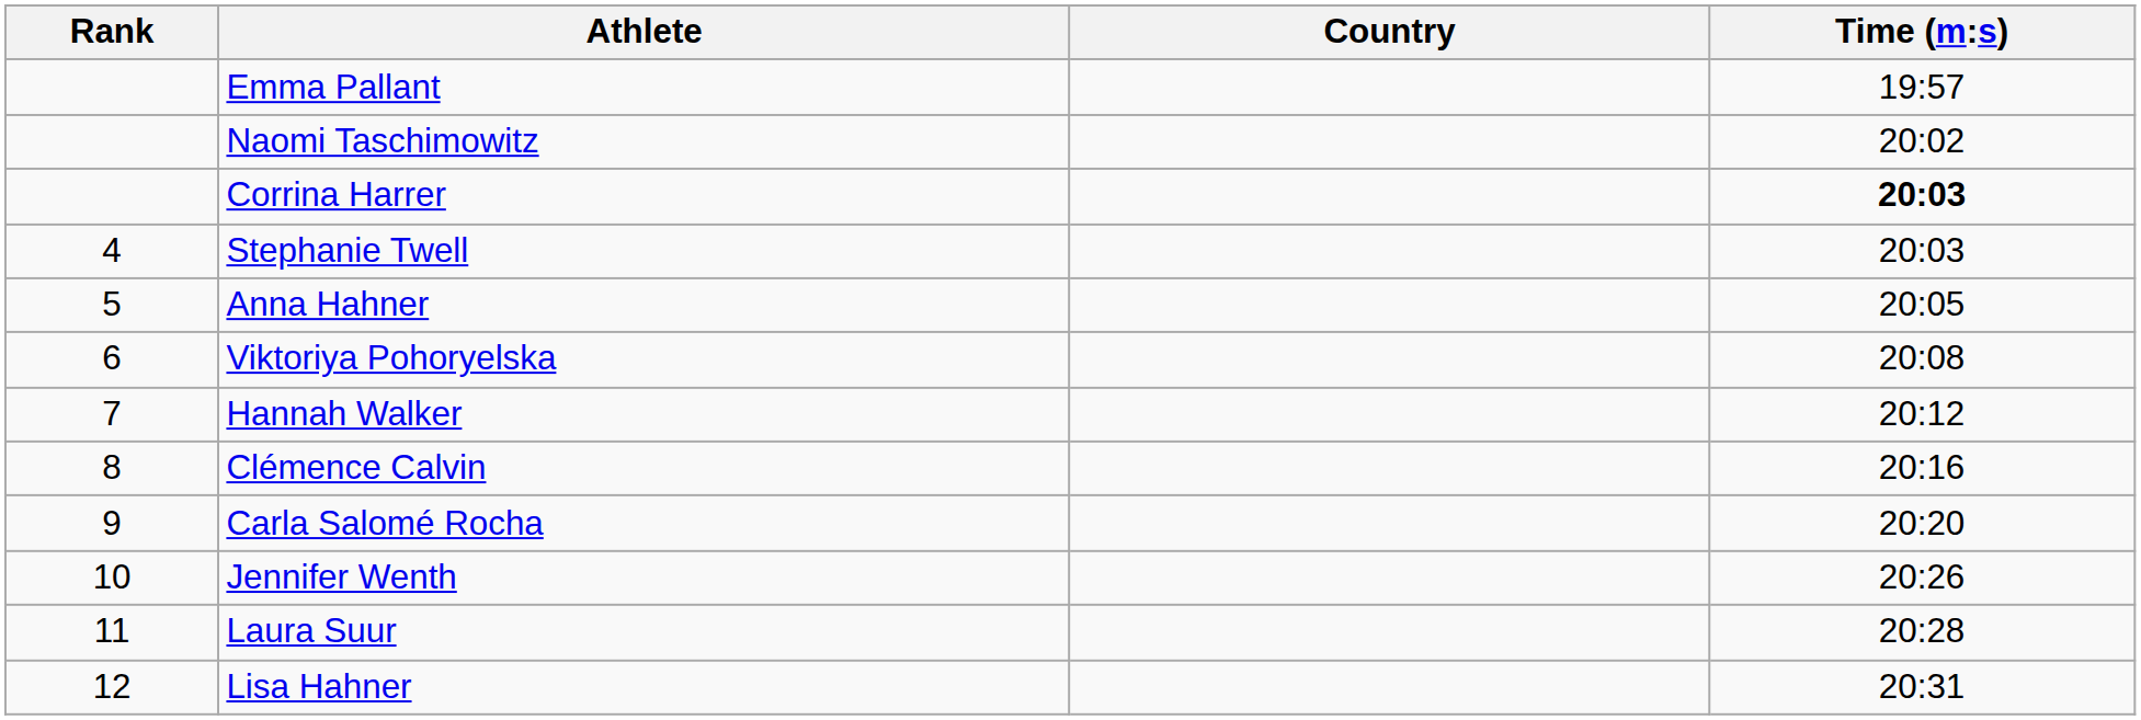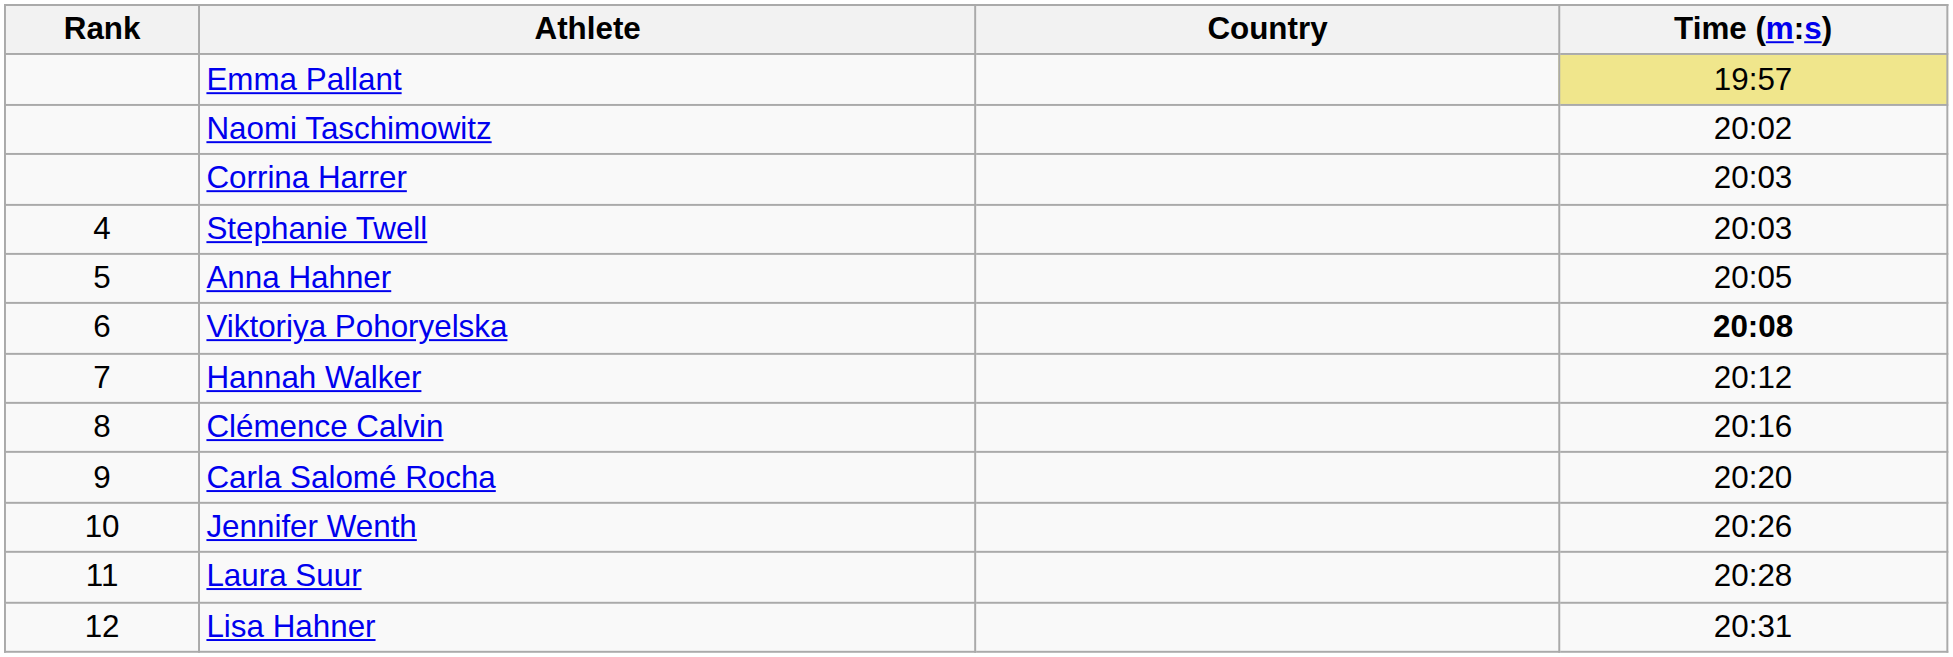 <table class="wikitable" width=50%>
 <tr>
 </tr>
 <tr>
 <th width=5%>Rank</th>
 <th width=20%>Athlete</th>
 <th width=15%>Country</th>
 <th width=10%>Time (<a href='#'>m</a>:<a href='#'>s</a>)</th>
 </tr>
 <tr align="center">
 <td></td>
 <td align="left"><a href='#'>Emma Pallant</a></td>
 <td align="left"></td>
-<td>19:57</td>
+<td style="background: khaki;">19:57</td>
 </tr>
 <tr align="center">
 <td></td>
 <td align="left"><a href='#'>Naomi Taschimowitz</a></td>
 <td align="left"></td>
 <td>20:02</td>
 </tr>
 <tr align="center">
 <td></td>
 <td align="left"><a href='#'>Corrina Harrer</a></td>
 <td align="left"></td>
-<td><strong>20:03</strong></td>
+<td>20:03</td>
 </tr>
 <tr align="center">
 <td>4</td>
 <td align="left"><a href='#'>Stephanie Twell</a></td>
 <td align="left"></td>
 <td>20:03</td>
 </tr>
 <tr align="center">
 <td>5</td>
 <td align="left"><a href='#'>Anna Hahner</a></td>
 <td align="left"></td>
 <td>20:05</td>
 </tr>
 <tr align="center">
 <td>6</td>
 <td align="left"><a href='#'>Viktoriya Pohoryelska</a></td>
 <td align="left"></td>
-<td>20:08</td>
+<td><strong>20:08</strong></td>
 </tr>
 <tr align="center">
 <td>7</td>
 <td align="left"><a href='#'>Hannah Walker</a></td>
 <td align="left"></td>
 <td>20:12</td>
 </tr>
 <tr align="center">
 <td>8</td>
 <td align="left"><a href='#'>Clémence Calvin</a></td>
 <td align="left"></td>
 <td>20:16</td>
 </tr>
 <tr align="center">
 <td>9</td>
 <td align="left"><a href='#'>Carla Salomé Rocha</a></td>
 <td align="left"></td>
 <td>20:20</td>
 </tr>
 <tr align="center">
 <td>10</td>
 <td align="left"><a href='#'>Jennifer Wenth</a></td>
 <td align="left"></td>
 <td>20:26</td>
 </tr>
 <tr align="center">
 <td>11</td>
 <td align="left"><a href='#'>Laura Suur</a></td>
 <td align="left"></td>
 <td>20:28</td>
 </tr>
 <tr align="center">
 <td>12</td>
 <td align="left"><a href='#'>Lisa Hahner</a></td>
 <td align="left"></td>
 <td>20:31</td>
 </tr>
 </table>
